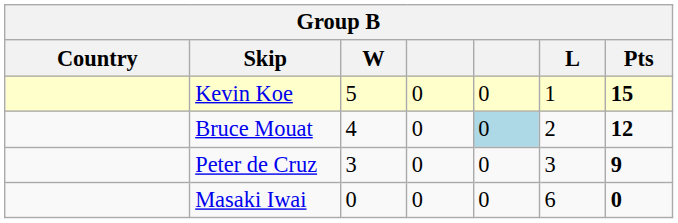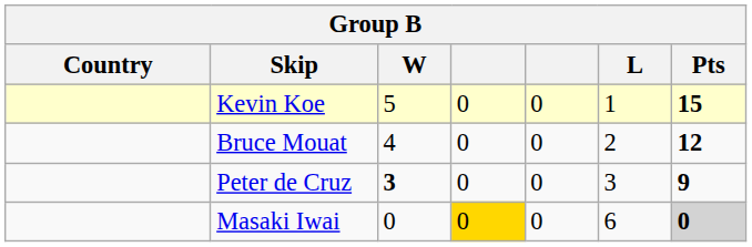 <table class=wikitable>
 <tr>
 <th colspan=7>Group B</th>
 </tr>
 <tr>
 <th width=125>Country</th>
 <th width=100>Skip</th>
 <th width=40>W</th>
 <th width=40></th>
 <th width=40></th>
 <th width=40>L</th>
 <th width=40>Pts</th>
 </tr>
 <tr bgcolor=#ffffcc>
 <td></td>
 <td><a href='#'>Kevin Koe</a></td>
 <td>5</td>
 <td>0</td>
 <td>0</td>
 <td>1</td>
 <td><strong>15</strong></td>
 </tr>
 <tr>
 <td></td>
 <td><a href='#'>Bruce Mouat</a></td>
 <td>4</td>
 <td>0</td>
-<td style="background: lightblue;">0</td>
+<td>0</td>
 <td>2</td>
 <td><strong>12</strong></td>
 </tr>
 <tr>
 <td></td>
 <td><a href='#'>Peter de Cruz</a></td>
-<td>3</td>
+<td><strong>3</strong></td>
 <td>0</td>
 <td>0</td>
 <td>3</td>
 <td><strong>9</strong></td>
 </tr>
 <tr>
 <td></td>
 <td><a href='#'>Masaki Iwai</a></td>
 <td>0</td>
-<td>0</td>
+<td style="background: gold;">0</td>
 <td>0</td>
 <td>6</td>
-<td><strong>0</strong></td>
+<td style="background: lightgrey;"><strong>0</strong></td>
 </tr>
 </table>
